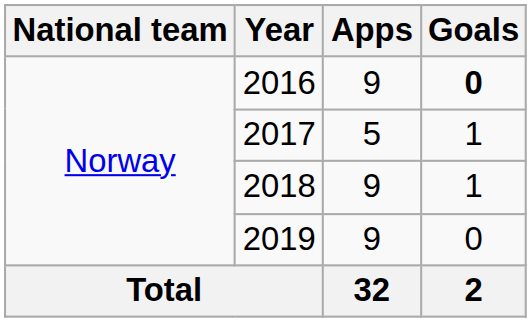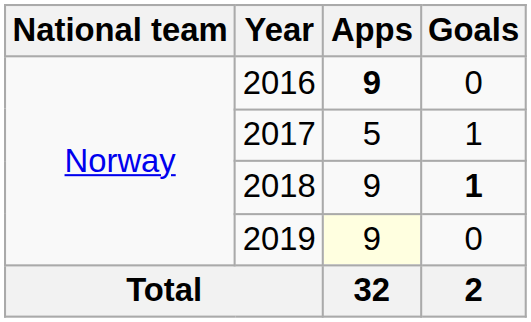 <table class="wikitable" style="text-align:center">
 <tr>
 <th>National team</th>
 <th>Year</th>
 <th>Apps</th>
 <th>Goals</th>
 </tr>
 <tr>
 <td rowspan="4"><a href='#'>Norway</a></td>
 <td>2016</td>
-<td>9</td>
-<td><strong>0</strong></td>
+<td><strong>9</strong></td>
+<td>0</td>
 </tr>
 <tr>
 <td>2017</td>
 <td>5</td>
 <td>1</td>
 </tr>
 <tr>
 <td>2018</td>
 <td>9</td>
-<td>1</td>
+<td><strong>1</strong></td>
 </tr>
 <tr>
 <td>2019</td>
-<td>9</td>
+<td style="background: lightyellow;">9</td>
 <td>0</td>
 </tr>
 <tr>
 <th colspan="2">Total</th>
 <th>32</th>
 <th>2</th>
 </tr>
 </table>
